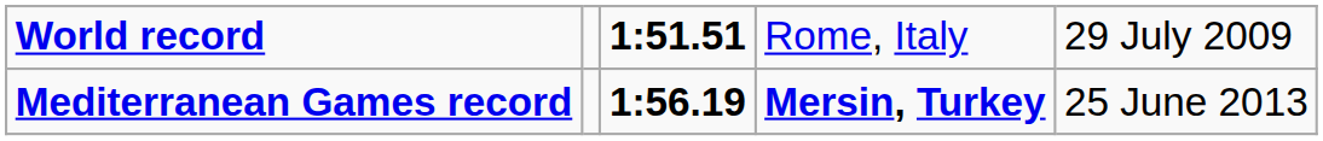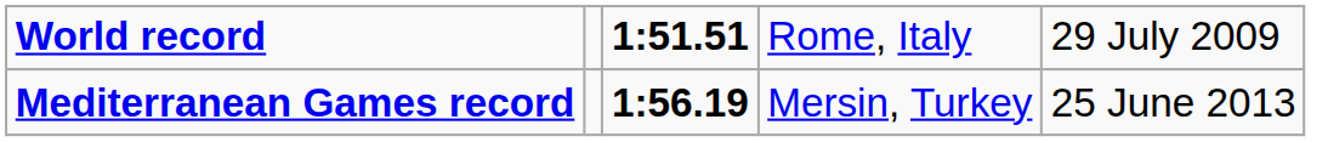 <table class="wikitable">
 <tr>
 <td><strong><a href='#'>World record</a></strong></td>
 <td></td>
 <td><strong>1:51.51</strong></td>
 <td><a href='#'>Rome</a>, <a href='#'>Italy</a></td>
 <td>29 July 2009</td>
 </tr>
 <tr>
 <td><strong><a href='#'>Mediterranean Games record</a></strong></td>
 <td></td>
 <td><strong>1:56.19</strong></td>
-<td><strong><a href='#'>Mersin</a>, <a href='#'>Turkey</a></strong></td>
+<td><a href='#'>Mersin</a>, <a href='#'>Turkey</a></td>
 <td>25 June 2013</td>
 </tr>
 </table>
